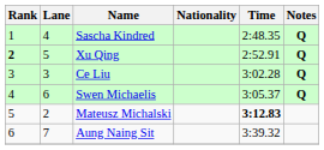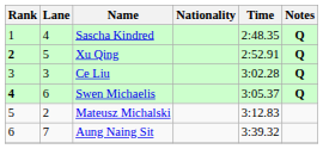 <table class="wikitable">
 <tr>
 <th>Rank</th>
 <th>Lane</th>
 <th>Name</th>
 <th>Nationality</th>
 <th>Time</th>
 <th>Notes</th>
 </tr>
 <tr style="background:#CCFFCC;">
 <td>1</td>
 <td>4</td>
 <td><a href='#'>Sascha Kindred</a></td>
 <td></td>
 <td>2:48.35</td>
 <td style="text-align:center;"><strong>Q</strong></td>
 </tr>
 <tr style="background:#CCFFCC;">
 <td><strong>2</strong></td>
 <td>5</td>
 <td><a href='#'>Xu Qing</a></td>
 <td></td>
 <td>2:52.91</td>
 <td style="text-align:center;"><strong>Q</strong></td>
 </tr>
 <tr style="background:#CCFFCC;">
 <td>3</td>
 <td>3</td>
 <td><a href='#'>Ce Liu</a></td>
 <td></td>
 <td>3:02.28</td>
 <td style="text-align:center;"><strong>Q</strong></td>
 </tr>
 <tr style="background:#CCFFCC;">
-<td>4</td>
+<td><strong>4</strong></td>
 <td>6</td>
 <td><a href='#'>Swen Michaelis</a></td>
 <td></td>
 <td>3:05.37</td>
 <td style="text-align:center;"><strong>Q</strong></td>
 </tr>
 <tr>
 <td>5</td>
 <td>2</td>
 <td><a href='#'>Mateusz Michalski</a></td>
 <td></td>
-<td><strong>3:12.83</strong></td>
+<td>3:12.83</td>
 <td></td>
 </tr>
 <tr>
 <td>6</td>
 <td>7</td>
 <td><a href='#'>Aung Naing Sit</a></td>
 <td></td>
 <td>3:39.32</td>
 <td></td>
 </tr>
 <tr>
 </tr>
 </table>
